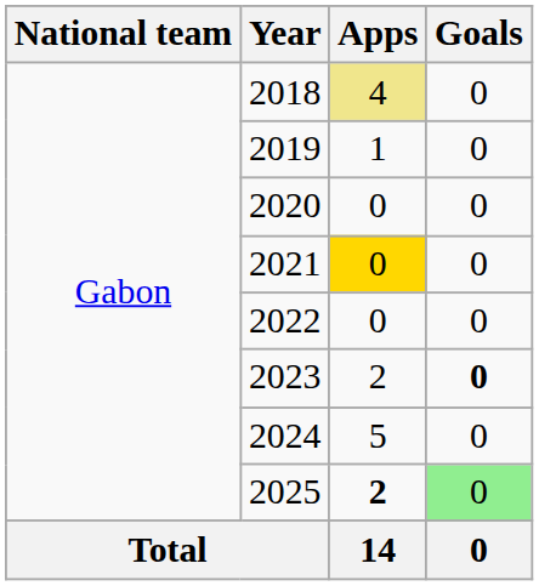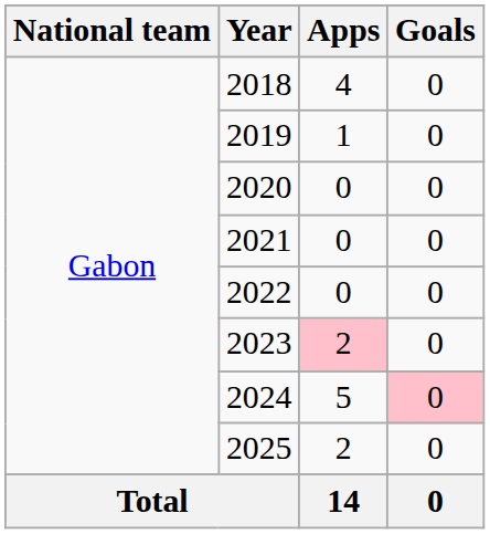 <table class="wikitable" style="text-align:center">
 <tr>
 <th>National team</th>
 <th>Year</th>
 <th>Apps</th>
 <th>Goals</th>
 </tr>
 <tr>
 <td rowspan="8"><a href='#'>Gabon</a></td>
 <td>2018</td>
-<td style="background: khaki;">4</td>
+<td>4</td>
 <td>0</td>
 </tr>
 <tr>
 <td>2019</td>
 <td>1</td>
 <td>0</td>
 </tr>
 <tr>
 <td>2020</td>
 <td>0</td>
 <td>0</td>
 </tr>
 <tr>
 <td>2021</td>
-<td style="background: gold;">0</td>
+<td>0</td>
 <td>0</td>
 </tr>
 <tr>
 <td>2022</td>
 <td>0</td>
 <td>0</td>
 </tr>
 <tr>
 <td>2023</td>
-<td>2</td>
-<td><strong>0</strong></td>
+<td style="background: pink;">2</td>
+<td>0</td>
 </tr>
 <tr>
 <td>2024</td>
 <td>5</td>
-<td>0</td>
+<td style="background: pink;">0</td>
 </tr>
 <tr>
 <td>2025</td>
-<td><strong>2</strong></td>
-<td style="background: lightgreen;">0</td>
+<td>2</td>
+<td>0</td>
 </tr>
 <tr>
 <th colspan="2">Total</th>
 <th>14</th>
 <th>0</th>
 </tr>
 </table>
